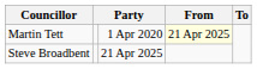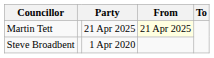 <table class=wikitable>
 <tr>
 <th>Councillor</th>
 <th colspan=2>Party</th>
 <th>From</th>
 <th>To</th>
 </tr>
 <tr>
 <td>Martin Tett</td>
 <td></td>
-<td align=right>1 Apr 2020</td>
+<td align=right>21 Apr 2025</td>
 <td align=right style="background: lightyellow;">21 Apr 2025</td>
 </tr>
 <tr>
 <td>Steve Broadbent</td>
 <td></td>
-<td align=right>21 Apr 2025</td>
+<td align=right>1 Apr 2020</td>
 <td></td>
 </tr>
 </table>
